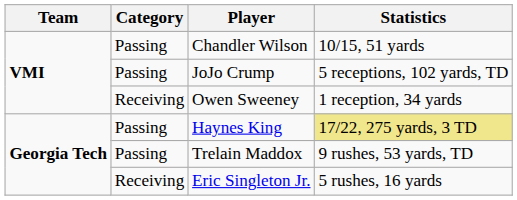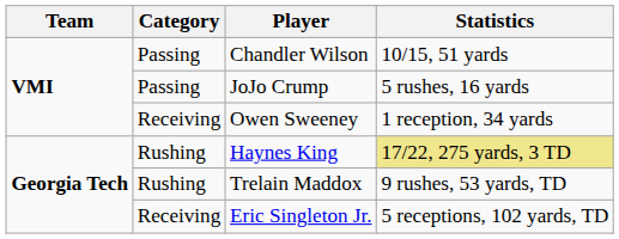 <table class="wikitable" style="float: right;">
 <tr>
 <th>Team</th>
 <th>Category</th>
 <th>Player</th>
 <th>Statistics</th>
 </tr>
 <tr>
 <td rowspan=3><strong>VMI</strong></td>
 <td>Passing</td>
 <td>Chandler Wilson</td>
 <td>10/15, 51 yards</td>
 </tr>
 <tr>
 <td>Passing</td>
 <td>JoJo Crump</td>
-<td>5 receptions, 102 yards, TD</td>
+<td>5 rushes, 16 yards</td>
 </tr>
 <tr>
 <td>Receiving</td>
 <td>Owen Sweeney</td>
 <td>1 reception, 34 yards</td>
 </tr>
 <tr>
 <td rowspan=3><strong>Georgia Tech</strong></td>
-<td>Passing</td>
+<td>Rushing</td>
 <td><a href='#'>Haynes King</a></td>
 <td style="background: khaki;">17/22, 275 yards, 3 TD</td>
 </tr>
 <tr>
-<td>Passing</td>
+<td>Rushing</td>
 <td>Trelain Maddox</td>
 <td>9 rushes, 53 yards, TD</td>
 </tr>
 <tr>
 <td>Receiving</td>
 <td><a href='#'>Eric Singleton Jr.</a></td>
-<td>5 rushes, 16 yards</td>
+<td>5 receptions, 102 yards, TD</td>
 </tr>
 </table>
